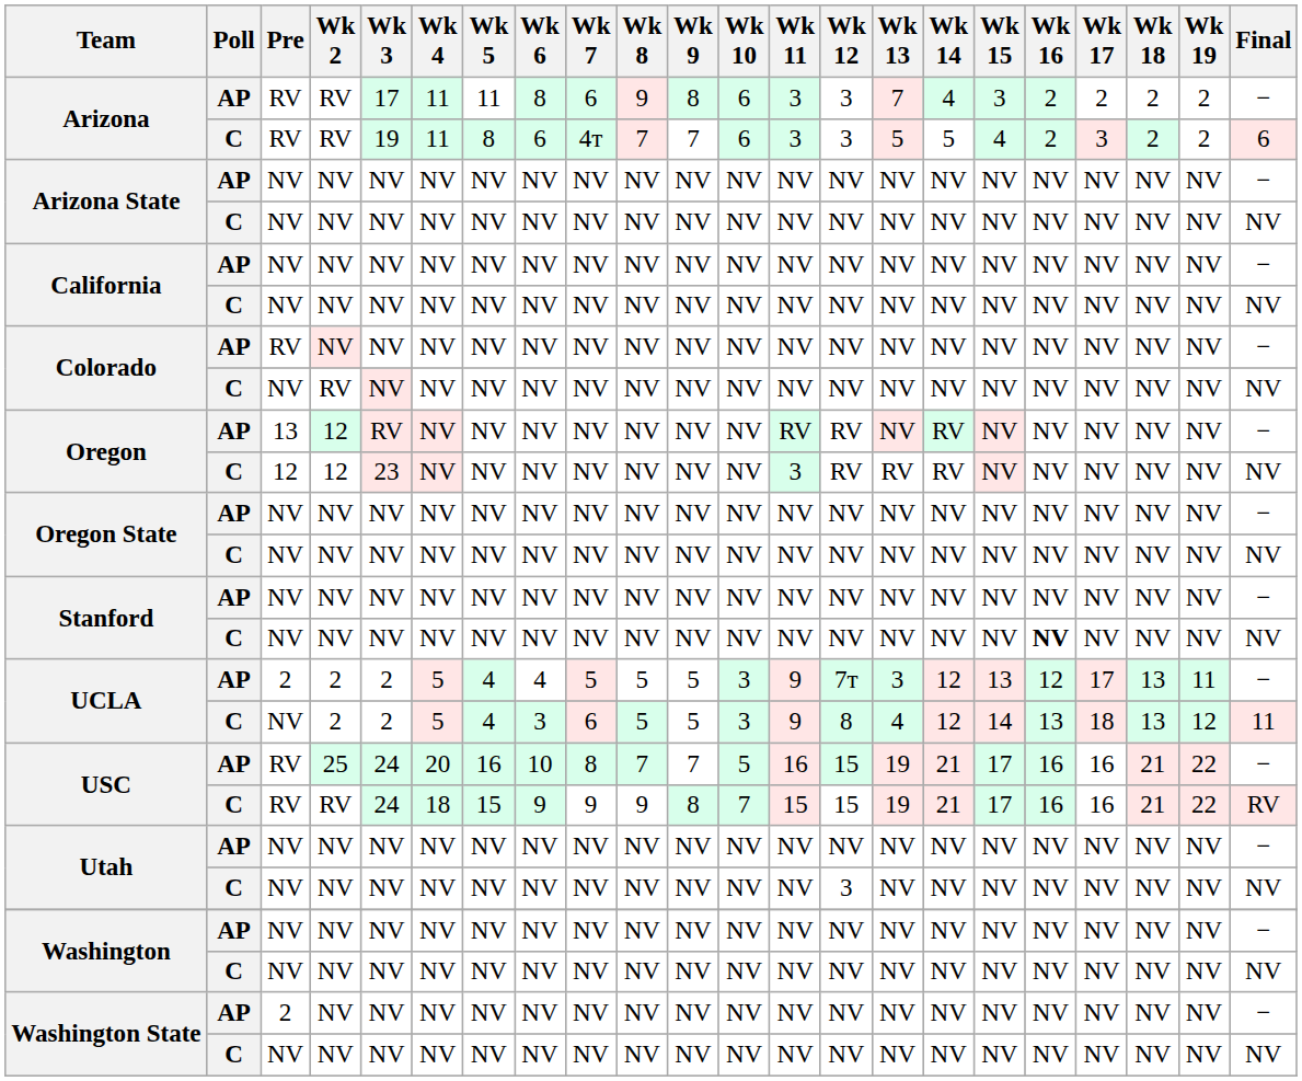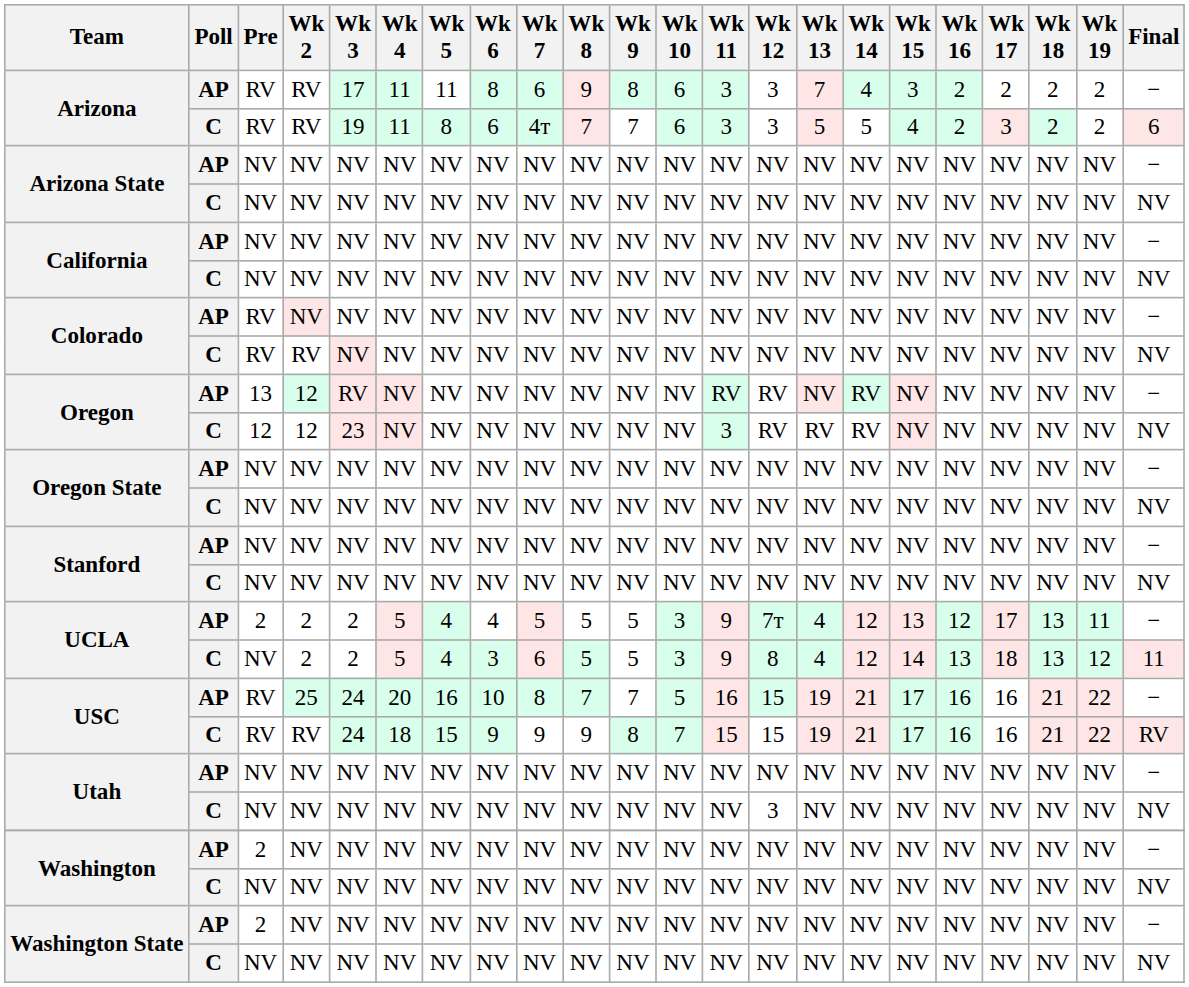 <table class="wikitable" style="white-space:nowrap;font-size:90%;text-align:center;">
 <tr>
 <th>Team</th>
 <th>Poll</th>
 <th>Pre</th>
 <th>Wk<br>2</th>
 <th>Wk<br>3</th>
 <th>Wk<br>4</th>
 <th>Wk<br>5</th>
 <th>Wk<br>6</th>
 <th>Wk<br>7</th>
 <th>Wk<br>8</th>
 <th>Wk<br>9</th>
 <th>Wk<br>10</th>
 <th>Wk<br>11</th>
 <th>Wk<br>12</th>
 <th>Wk<br>13</th>
 <th>Wk<br>14</th>
 <th>Wk<br>15</th>
 <th>Wk<br>16</th>
 <th>Wk<br>17</th>
 <th>Wk<br>18</th>
 <th>Wk<br>19</th>
 <th>Final</th>
 </tr>
 <tr>
 <th rowspan=2 style=>Arizona</th>
 <th>AP</th>
 <td style="background:#FFF;">RV</td>
 <td style="background:#FFF;">RV</td>
 <td style="background:#d8ffeb;">17</td>
 <td style="background:#d8ffeb;">11</td>
 <td style="background:#FFF;">11</td>
 <td style="background:#d8ffeb;">8</td>
 <td style="background:#d8ffeb;">6</td>
 <td style="background:#ffe6e6">9</td>
 <td style="background:#d8ffeb;">8</td>
 <td style="background:#d8ffeb;">6</td>
 <td style="background:#d8ffeb;">3</td>
 <td style="background:#FFF;">3</td>
 <td style="background:#FFe6e6;">7</td>
 <td style="background:#d8ffeb;">4</td>
 <td style="background:#d8ffeb;">3</td>
 <td style="background:#D8Ffeb;">2</td>
 <td style="background:#FFF;">2</td>
 <td style="background:#FFF;">2</td>
 <td style="background:#FFF;">2</td>
 <td style="background:#FFF;">−</td>
 </tr>
 <tr>
 <th>C</th>
 <td style="background:#FFF;">RV</td>
 <td style="background:#FFF;">RV</td>
 <td style="background:#d8ffeb;">19</td>
 <td style="background:#d8ffeb;">11</td>
 <td style="background:#d8ffeb;">8</td>
 <td style="background:#d8ffeb;">6</td>
 <td style="background:#d8ffeb;">4т</td>
 <td style="background:#FFE6e6;">7</td>
 <td style="background:#FFF;">7</td>
 <td style="background:#d8ffeb;">6</td>
 <td style="background:#d8ffeb;">3</td>
 <td style="background:#FFF;">3</td>
 <td style="background:#FFE6e6;">5</td>
 <td style="background:#FFF;">5</td>
 <td style="background:#d8ffeb;">4</td>
 <td style="background:#d8ffeb;">2</td>
 <td style="background:#FFE6e6;">3</td>
 <td style="background:#d8ffeb;">2</td>
 <td style="background:#FFF;">2</td>
 <td style="background:#FFE6e6;">6</td>
 </tr>
 <tr>
 <th rowspan=2 style=>Arizona State</th>
 <th>AP</th>
 <td style="background:#FFF;">NV</td>
 <td style="background:#FFF;">NV</td>
 <td style="background:#FFF;">NV</td>
 <td style="background:#FFF;">NV</td>
 <td style="background:#FFF;">NV</td>
 <td style="background:#FFF;">NV</td>
 <td style="background:#FFF;">NV</td>
 <td style="background:#FFF;">NV</td>
 <td style="background:#FFF;">NV</td>
 <td style="background:#FFF;">NV</td>
 <td style="background:#FFF;">NV</td>
 <td style="background:#FFF;">NV</td>
 <td style="background:#FFF;">NV</td>
 <td style="background:#FFF;">NV</td>
 <td style="background:#FFF;">NV</td>
 <td style="background:#FFF;">NV</td>
 <td style="background:#FFF;">NV</td>
 <td style="background:#FFF;">NV</td>
 <td style="background:#FFF;">NV</td>
 <td style="background:#FFF;">−</td>
 </tr>
 <tr>
 <th>C</th>
 <td style="background:#FFF;">NV</td>
 <td style="background:#FFF;">NV</td>
 <td style="background:#FFF;">NV</td>
 <td style="background:#FFF;">NV</td>
 <td style="background:#FFF;">NV</td>
 <td style="background:#FFF;">NV</td>
 <td style="background:#FFF;">NV</td>
 <td style="background:#FFF;">NV</td>
 <td style="background:#FFF;">NV</td>
 <td style="background:#FFF;">NV</td>
 <td style="background:#FFF;">NV</td>
 <td style="background:#FFF;">NV</td>
 <td style="background:#FFF;">NV</td>
 <td style="background:#FFF;">NV</td>
 <td style="background:#FFF;">NV</td>
 <td style="background:#FFF;">NV</td>
 <td style="background:#FFF;">NV</td>
 <td style="background:#FFF;">NV</td>
 <td style="background:#FFF;">NV</td>
 <td style="background:#FFF;">NV</td>
 </tr>
 <tr>
 <th rowspan=2 style=>California</th>
 <th>AP</th>
 <td style="background:#FFF;">NV</td>
 <td style="background:#FFF;">NV</td>
 <td style="background:#FFF;">NV</td>
 <td style="background:#FFF;">NV</td>
 <td style="background:#FFF;">NV</td>
 <td style="background:#FFF;">NV</td>
 <td style="background:#FFF;">NV</td>
 <td style="background:#FFF;">NV</td>
 <td style="background:#FFF;">NV</td>
 <td style="background:#FFF;">NV</td>
 <td style="background:#FFF;">NV</td>
 <td style="background:#FFF;">NV</td>
 <td style="background:#FFF;">NV</td>
 <td style="background:#FFF;">NV</td>
 <td style="background:#FFF;">NV</td>
 <td style="background:#FFF;">NV</td>
 <td style="background:#FFF;">NV</td>
 <td style="background:#FFF;">NV</td>
 <td style="background:#FFF;">NV</td>
 <td style="background:#FFF;">−</td>
 </tr>
 <tr>
 <th>C</th>
 <td style="background:#FFF;">NV</td>
 <td style="background:#FFF;">NV</td>
 <td style="background:#FFF;">NV</td>
 <td style="background:#FFF;">NV</td>
 <td style="background:#FFF;">NV</td>
 <td style="background:#FFF;">NV</td>
 <td style="background:#FFF;">NV</td>
 <td style="background:#FFF;">NV</td>
 <td style="background:#FFF;">NV</td>
 <td style="background:#FFF;">NV</td>
 <td style="background:#FFF;">NV</td>
 <td style="background:#FFF;">NV</td>
 <td style="background:#FFF;">NV</td>
 <td style="background:#FFF;">NV</td>
 <td style="background:#FFF;">NV</td>
 <td style="background:#FFF;">NV</td>
 <td style="background:#FFF;">NV</td>
 <td style="background:#FFF;">NV</td>
 <td style="background:#FFF;">NV</td>
 <td style="background:#FFF;">NV</td>
 </tr>
 <tr>
 <th rowspan=2 style=>Colorado</th>
 <th>AP</th>
 <td style="background:#FFF;">RV</td>
 <td style="background:#ffe6e6">NV</td>
 <td style="background:#FFF;">NV</td>
 <td style="background:#FFF;">NV</td>
 <td style="background:#FFF;">NV</td>
 <td style="background:#FFF;">NV</td>
 <td style="background:#FFF;">NV</td>
 <td style="background:#FFF;">NV</td>
 <td style="background:#FFF;">NV</td>
 <td style="background:#FFF;">NV</td>
 <td style="background:#FFF;">NV</td>
 <td style="background:#FFF;">NV</td>
 <td style="background:#FFF;">NV</td>
 <td style="background:#FFF;">NV</td>
 <td style="background:#FFF;">NV</td>
 <td style="background:#FFF;">NV</td>
 <td style="background:#FFF;">NV</td>
 <td style="background:#FFF;">NV</td>
 <td style="background:#FFF;">NV</td>
 <td style="background:#FFF;">−</td>
 </tr>
 <tr>
 <th>C</th>
-<td style="background:#FFF;">NV</td>
+<td style="background:#FFF;">RV</td>
 <td style="background:#FFF;">RV</td>
 <td style="background:#ffe6e6">NV</td>
 <td style="background:#FFF;">NV</td>
 <td style="background:#FFF;">NV</td>
 <td style="background:#FFF;">NV</td>
 <td style="background:#FFF;">NV</td>
 <td style="background:#FFF;">NV</td>
 <td style="background:#FFF;">NV</td>
 <td style="background:#FFF;">NV</td>
 <td style="background:#FFF;">NV</td>
 <td style="background:#FFF;">NV</td>
 <td style="background:#FFF;">NV</td>
 <td style="background:#FFF;">NV</td>
 <td style="background:#FFF;">NV</td>
 <td style="background:#FFF;">NV</td>
 <td style="background:#FFF;">NV</td>
 <td style="background:#FFF;">NV</td>
 <td style="background:#FFF;">NV</td>
 <td style="background:#FFF;">NV</td>
 </tr>
 <tr>
 <th rowspan=2 style=>Oregon</th>
 <th>AP</th>
 <td style="background:#FFF;">13</td>
 <td style="background:#d8ffeb;">12</td>
 <td style="background:#ffe6e6;">RV</td>
 <td style="background:#ffe6e6;">NV</td>
 <td style="background:#FFF;">NV</td>
 <td style="background:#FFF;">NV</td>
 <td style="background:#FFF;">NV</td>
 <td style="background:#FFF;">NV</td>
 <td style="background:#FFF;">NV</td>
 <td style="background:#FFF;">NV</td>
 <td style="background:#D8ffeb;">RV</td>
 <td style="background:#FFF;">RV</td>
 <td style="background:#FFE6e6;">NV</td>
 <td style="background:#D8ffeb;">RV</td>
 <td style="background:#FFE6e6;">NV</td>
 <td style="background:#FFF;">NV</td>
 <td style="background:#FFF;">NV</td>
 <td style="background:#FFF;">NV</td>
 <td style="background:#FFF;">NV</td>
 <td style="background:#FFF;">−</td>
 </tr>
 <tr>
 <th>C</th>
 <td style="background:#FFF;">12</td>
 <td style="background:#FFF;">12</td>
 <td style="background:#ffe6e6">23</td>
 <td style="background:#ffe6e6">NV</td>
 <td style="background:#FFF;">NV</td>
 <td style="background:#FFF;">NV</td>
 <td style="background:#FFF;">NV</td>
 <td style="background:#FFF;">NV</td>
 <td style="background:#FFF;">NV</td>
 <td style="background:#FFF;">NV</td>
 <td style="background:#d8ffeb;">3</td>
 <td style="background:#FFF;">RV</td>
 <td style="background:#FFF;">RV</td>
 <td style="background:#FFF;">RV</td>
 <td style="background:#ffe6e6">NV</td>
 <td style="background:#FFF;">NV</td>
 <td style="background:#FFF;">NV</td>
 <td style="background:#FFF;">NV</td>
 <td style="background:#FFF;">NV</td>
 <td style="background:#FFF;">NV</td>
 </tr>
 <tr>
 <th rowspan=2 style=>Oregon State</th>
 <th>AP</th>
 <td style="background:#FFF;">NV</td>
 <td style="background:#FFF;">NV</td>
 <td style="background:#FFF;">NV</td>
 <td style="background:#FFF;">NV</td>
 <td style="background:#FFF;">NV</td>
 <td style="background:#FFF;">NV</td>
 <td style="background:#FFF;">NV</td>
 <td style="background:#FFF;">NV</td>
 <td style="background:#FFF;">NV</td>
 <td style="background:#FFF;">NV</td>
 <td style="background:#FFF;">NV</td>
 <td style="background:#FFF;">NV</td>
 <td style="background:#FFF;">NV</td>
 <td style="background:#FFF;">NV</td>
 <td style="background:#FFF;">NV</td>
 <td style="background:#FFF;">NV</td>
 <td style="background:#FFF;">NV</td>
 <td style="background:#FFF;">NV</td>
 <td style="background:#FFF;">NV</td>
 <td style="background:#FFF;">−</td>
 </tr>
 <tr>
 <th>C</th>
 <td style="background:#FFF;">NV</td>
 <td style="background:#FFF;">NV</td>
 <td style="background:#FFF;">NV</td>
 <td style="background:#FFF;">NV</td>
 <td style="background:#FFF;">NV</td>
 <td style="background:#FFF;">NV</td>
 <td style="background:#FFF;">NV</td>
 <td style="background:#FFF;">NV</td>
 <td style="background:#FFF;">NV</td>
 <td style="background:#FFF;">NV</td>
 <td style="background:#FFF;">NV</td>
 <td style="background:#FFF;">NV</td>
 <td style="background:#FFF;">NV</td>
 <td style="background:#FFF;">NV</td>
 <td style="background:#FFF;">NV</td>
 <td style="background:#FFF;">NV</td>
 <td style="background:#FFF;">NV</td>
 <td style="background:#FFF;">NV</td>
 <td style="background:#FFF;">NV</td>
 <td style="background:#FFF;">NV</td>
 </tr>
 <tr>
 <th rowspan=2 style=>Stanford</th>
 <th>AP</th>
 <td style="background:#FFF;">NV</td>
 <td style="background:#FFF;">NV</td>
 <td style="background:#FFF;">NV</td>
 <td style="background:#FFF;">NV</td>
 <td style="background:#FFF;">NV</td>
 <td style="background:#FFF;">NV</td>
 <td style="background:#FFF;">NV</td>
 <td style="background:#FFF;">NV</td>
 <td style="background:#FFF;">NV</td>
 <td style="background:#FFF;">NV</td>
 <td style="background:#FFF;">NV</td>
 <td style="background:#FFF;">NV</td>
 <td style="background:#FFF;">NV</td>
 <td style="background:#FFF;">NV</td>
 <td style="background:#FFF;">NV</td>
 <td style="background:#FFF;">NV</td>
 <td style="background:#FFF;">NV</td>
 <td style="background:#FFF;">NV</td>
 <td style="background:#FFF;">NV</td>
 <td style="background:#FFF;">−</td>
 </tr>
 <tr>
 <th>C</th>
 <td style="background:#FFF;">NV</td>
 <td style="background:#FFF;">NV</td>
 <td style="background:#FFF;">NV</td>
 <td style="background:#FFF;">NV</td>
 <td style="background:#FFF;">NV</td>
 <td style="background:#FFF;">NV</td>
 <td style="background:#FFF;">NV</td>
 <td style="background:#FFF;">NV</td>
 <td style="background:#FFF;">NV</td>
 <td style="background:#FFF;">NV</td>
 <td style="background:#FFF;">NV</td>
 <td style="background:#FFF;">NV</td>
 <td style="background:#FFF;">NV</td>
 <td style="background:#FFF;">NV</td>
 <td style="background:#FFF;">NV</td>
-<td style="background:#FFF;"><strong>NV</strong></td>
+<td style="background:#FFF;">NV</td>
 <td style="background:#FFF;">NV</td>
 <td style="background:#FFF;">NV</td>
 <td style="background:#FFF;">NV</td>
 <td style="background:#FFF;">NV</td>
 </tr>
 <tr>
 <th rowspan=2 style=>UCLA</th>
 <th>AP</th>
 <td style="background:#FFF;">2</td>
 <td style="background:#FFF;">2</td>
 <td style="background:#FFF;">2</td>
 <td style="background:#ffe6e6">5</td>
 <td style="background:#d8ffeb;">4</td>
 <td style="background:#FFF;">4</td>
 <td style="background:#ffe6e6">5</td>
 <td style="background:#FFF;">5</td>
 <td style="background:#FFF;">5</td>
 <td style="background:#d8ffeb;">3</td>
 <td style="background:#FFe6e6;">9</td>
 <td style="background:#d8ffeb;">7т</td>
-<td style="background:#D8ffeb;">3</td>
+<td style="background:#D8ffeb;">4</td>
 <td style="background:#FFe6e6;">12</td>
 <td style="background:#FFe6e6;">13</td>
 <td style="background:#D8ffeb;">12</td>
 <td style="background:#FFe6e6;">17</td>
 <td style="background:#D8ffeb;">13</td>
 <td style="background:#D8ffeb;">11</td>
 <td style="background:#FFF;">−</td>
 </tr>
 <tr>
 <th>C</th>
 <td style="background:#FFF;">NV</td>
 <td style="background:#FFF;">2</td>
 <td style="background:#FFF;">2</td>
 <td style="background:#ffe6e6">5</td>
 <td style="background:#d8ffeb;">4</td>
 <td style="background:#d8ffeb;">3</td>
 <td style="background:#ffe6e6">6</td>
 <td style="background:#d8ffeb;">5</td>
 <td style="background:#FFF;">5</td>
 <td style="background:#d8ffeb;">3</td>
 <td style="background:#FFE6e6;">9</td>
 <td style="background:#d8ffeb;">8</td>
 <td style="background:#D8ffeb;">4</td>
 <td style="background:#FFE6e6;">12</td>
 <td style="background:#FFe6e6;">14</td>
 <td style="background:#D8ffeb;">13</td>
 <td style="background:#FFE6e6;">18</td>
 <td style="background:#D8ffeb;">13</td>
 <td style="background:#D8ffeb;">12</td>
 <td style="background:#FFE6e6;">11</td>
 </tr>
 <tr>
 <th rowspan=2 style=>USC</th>
 <th>AP</th>
 <td style="background:#FFF;">RV</td>
 <td style="background:#d8ffeb;">25</td>
 <td style="background:#d8ffeb;">24</td>
 <td style="background:#d8ffeb;">20</td>
 <td style="background:#d8ffeb;">16</td>
 <td style="background:#d8ffeb;">10</td>
 <td style="background:#d8ffeb;">8</td>
 <td style="background:#d8ffeb;">7</td>
 <td style="background:#FFF;">7</td>
 <td style="background:#d8ffeb;">5</td>
 <td style="background:#FFe6e6;">16</td>
 <td style="background:#d8ffeb;">15</td>
 <td style="background:#FFE6e6;">19</td>
 <td style="background:#FFe6e6;">21</td>
 <td style="background:#d8ffeb;">17</td>
 <td style="background:#D8ffeb;">16</td>
 <td style="background:#FFF;">16</td>
 <td style="background:#FFe6e6;">21</td>
 <td style="background:#FFe6e6;">22</td>
 <td style="background:#FFF;">−</td>
 </tr>
 <tr>
 <th>C</th>
 <td style="background:#FFF;">RV</td>
 <td style="background:#FFF;">RV</td>
 <td style="background:#d8ffeb;">24</td>
 <td style="background:#d8ffeb;">18</td>
 <td style="background:#d8ffeb;">15</td>
 <td style="background:#d8ffeb;">9</td>
 <td style="background:#FFF;">9</td>
 <td style="background:#FFF;">9</td>
 <td style="background:#d8ffeb;">8</td>
 <td style="background:#d8ffeb;">7</td>
 <td style="background:#FFe6e6;">15</td>
 <td style="background:#FFF;">15</td>
 <td style="background:#FFe6e6;">19</td>
 <td style="background:#FFe6e6;">21</td>
 <td style="background:#d8ffeb;">17</td>
 <td style="background:#D8ffeb;">16</td>
 <td style="background:#FFF;">16</td>
 <td style="background:#FFe6e6;">21</td>
 <td style="background:#FFe6e6;">22</td>
 <td style="background:#FFE6e6;">RV</td>
 </tr>
 <tr>
 <th rowspan=2 style=>Utah</th>
 <th>AP</th>
 <td style="background:#FFF;">NV</td>
 <td style="background:#FFF;">NV</td>
 <td style="background:#FFF;">NV</td>
 <td style="background:#FFF;">NV</td>
 <td style="background:#FFF;">NV</td>
 <td style="background:#FFF;">NV</td>
 <td style="background:#FFF;">NV</td>
 <td style="background:#FFF;">NV</td>
 <td style="background:#FFF;">NV</td>
 <td style="background:#FFF;">NV</td>
 <td style="background:#FFF;">NV</td>
 <td style="background:#FFF;">NV</td>
 <td style="background:#FFF;">NV</td>
 <td style="background:#FFF;">NV</td>
 <td style="background:#FFF;">NV</td>
 <td style="background:#FFF;">NV</td>
 <td style="background:#FFF;">NV</td>
 <td style="background:#FFF;">NV</td>
 <td style="background:#FFF;">NV</td>
 <td style="background:#FFF;">−</td>
 </tr>
 <tr>
 <th>C</th>
 <td style="background:#FFF;">NV</td>
 <td style="background:#FFF;">NV</td>
 <td style="background:#FFF;">NV</td>
 <td style="background:#FFF;">NV</td>
 <td style="background:#FFF;">NV</td>
 <td style="background:#FFF;">NV</td>
 <td style="background:#FFF;">NV</td>
 <td style="background:#FFF;">NV</td>
 <td style="background:#FFF;">NV</td>
 <td style="background:#FFF;">NV</td>
 <td style="background:#FFF;">NV</td>
 <td style="background:#FFF;">3</td>
 <td style="background:#FFF;">NV</td>
 <td style="background:#FFF;">NV</td>
 <td style="background:#FFF;">NV</td>
 <td style="background:#FFF;">NV</td>
 <td style="background:#FFF;">NV</td>
 <td style="background:#FFF;">NV</td>
 <td style="background:#FFF;">NV</td>
 <td style="background:#FFF;">NV</td>
 </tr>
 <tr>
 </tr>
 <tr>
 <th rowspan=2 style=>Washington</th>
 <th>AP</th>
-<td style="background:#FFF;">NV</td>
+<td style="background:#FFF;">2</td>
 <td style="background:#FFF;">NV</td>
 <td style="background:#FFF;">NV</td>
 <td style="background:#FFF;">NV</td>
 <td style="background:#FFF;">NV</td>
 <td style="background:#FFF;">NV</td>
 <td style="background:#FFF;">NV</td>
 <td style="background:#FFF;">NV</td>
 <td style="background:#FFF;">NV</td>
 <td style="background:#FFF;">NV</td>
 <td style="background:#FFF;">NV</td>
 <td style="background:#FFF;">NV</td>
 <td style="background:#FFF;">NV</td>
 <td style="background:#FFF;">NV</td>
 <td style="background:#FFF;">NV</td>
 <td style="background:#FFF;">NV</td>
 <td style="background:#FFF;">NV</td>
 <td style="background:#FFF;">NV</td>
 <td style="background:#FFF;">NV</td>
 <td style="background:#FFF;">−</td>
 </tr>
 <tr>
 <th>C</th>
 <td style="background:#FFF;">NV</td>
 <td style="background:#FFF;">NV</td>
 <td style="background:#FFF;">NV</td>
 <td style="background:#FFF;">NV</td>
 <td style="background:#FFF;">NV</td>
 <td style="background:#FFF;">NV</td>
 <td style="background:#FFF;">NV</td>
 <td style="background:#FFF;">NV</td>
 <td style="background:#FFF;">NV</td>
 <td style="background:#FFF;">NV</td>
 <td style="background:#FFF;">NV</td>
 <td style="background:#FFF;">NV</td>
 <td style="background:#FFF;">NV</td>
 <td style="background:#FFF;">NV</td>
 <td style="background:#FFF;">NV</td>
 <td style="background:#FFF;">NV</td>
 <td style="background:#FFF;">NV</td>
 <td style="background:#FFF;">NV</td>
 <td style="background:#FFF;">NV</td>
 <td style="background:#FFF;">NV</td>
 </tr>
 <tr>
 <th rowspan=2 style=>Washington State</th>
 <th>AP</th>
 <td style="background:#FFF;">2</td>
 <td style="background:#FFF;">NV</td>
 <td style="background:#FFF;">NV</td>
 <td style="background:#FFF;">NV</td>
 <td style="background:#FFF;">NV</td>
 <td style="background:#FFF;">NV</td>
 <td style="background:#FFF;">NV</td>
 <td style="background:#FFF;">NV</td>
 <td style="background:#FFF;">NV</td>
 <td style="background:#FFF;">NV</td>
 <td style="background:#FFF;">NV</td>
 <td style="background:#FFF;">NV</td>
 <td style="background:#FFF;">NV</td>
 <td style="background:#FFF;">NV</td>
 <td style="background:#FFF;">NV</td>
 <td style="background:#FFF;">NV</td>
 <td style="background:#FFF;">NV</td>
 <td style="background:#FFF;">NV</td>
 <td style="background:#FFF;">NV</td>
 <td style="background:#FFF;">−</td>
 </tr>
 <tr>
 <th>C</th>
 <td style="background:#FFF;">NV</td>
 <td style="background:#FFF;">NV</td>
 <td style="background:#FFF;">NV</td>
 <td style="background:#FFF;">NV</td>
 <td style="background:#FFF;">NV</td>
 <td style="background:#FFF;">NV</td>
 <td style="background:#FFF;">NV</td>
 <td style="background:#FFF;">NV</td>
 <td style="background:#FFF;">NV</td>
 <td style="background:#FFF;">NV</td>
 <td style="background:#FFF;">NV</td>
 <td style="background:#FFF;">NV</td>
 <td style="background:#FFF;">NV</td>
 <td style="background:#FFF;">NV</td>
 <td style="background:#FFF;">NV</td>
 <td style="background:#FFF;">NV</td>
 <td style="background:#FFF;">NV</td>
 <td style="background:#FFF;">NV</td>
 <td style="background:#FFF;">NV</td>
 <td style="background:#FFF;">NV</td>
 </tr>
 <tr>
 </tr>
 </table>
